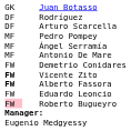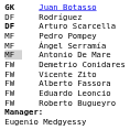 <table style="font-size:90%; margin:0.2em auto;" cellspacing="0" cellpadding="0">
 <tr>
 <th width="25"></th>
 <th width="25"></th>
 </tr>
 <tr>
-<td>GK</td>
+<td><strong>GK</strong></td>
 <td></td>
 <td> <a href='#'>Juan Botasso</a></td>
 </tr>
 <tr>
 <td>DF</td>
 <td></td>
 <td> Rodríguez</td>
 </tr>
 <tr>
-<td>DF</td>
+<td><strong>DF</strong></td>
 <td></td>
 <td> Arturo Scarcella</td>
 </tr>
 <tr>
 <td>MF</td>
 <td></td>
 <td> Pedro Pompey</td>
 </tr>
 <tr>
 <td>MF</td>
 <td></td>
 <td> Ángel Serramía</td>
 </tr>
 <tr>
-<td>MF</td>
+<td style="background: lightgrey;">MF</td>
 <td></td>
 <td> Antonio De Mare</td>
 </tr>
 <tr>
 <td>FW</td>
 <td></td>
 <td> Demetrio Conidares</td>
 </tr>
 <tr>
-<td><strong>FW</strong></td>
+<td>FW</td>
 <td></td>
 <td> Vicente Zito</td>
 </tr>
 <tr>
-<td><strong>FW</strong></td>
+<td>FW</td>
 <td></td>
 <td> Alberto Fassora</td>
 </tr>
 <tr>
 <td>FW</td>
 <td></td>
 <td> Eduardo Leoncio</td>
 </tr>
 <tr>
-<td style="background: pink;">FW</td>
+<td>FW</td>
 <td></td>
 <td> Roberto Bugueyro</td>
 </tr>
 <tr>
 <td colspan=3><strong>Manager:</strong></td>
 </tr>
 <tr>
 <td colspan=4> Eugenio Medgyessy</td>
 </tr>
 </table>
